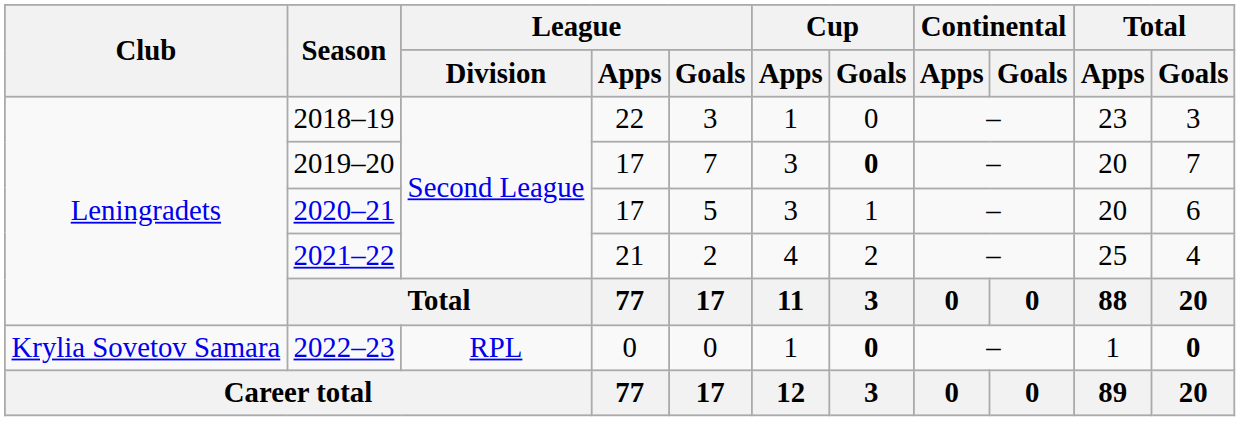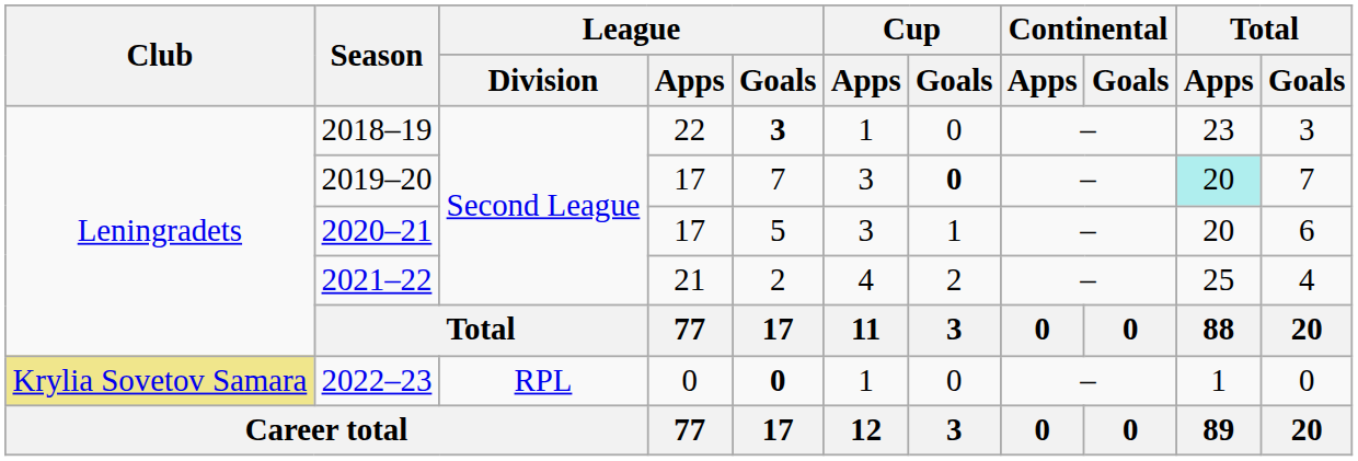 <table class="wikitable" style="text-align:center">
 <tr>
 <th rowspan="2">Club</th>
 <th rowspan="2">Season</th>
 <th colspan="3">League</th>
 <th colspan="2">Cup</th>
 <th colspan="2">Continental</th>
 <th colspan="2">Total</th>
 </tr>
 <tr>
 <th>Division</th>
 <th>Apps</th>
 <th>Goals</th>
 <th>Apps</th>
 <th>Goals</th>
 <th>Apps</th>
 <th>Goals</th>
 <th>Apps</th>
 <th>Goals</th>
 </tr>
 <tr>
 <td rowspan="5"><a href='#'>Leningradets</a></td>
 <td>2018–19</td>
 <td rowspan="4"><a href='#'>Second League</a></td>
 <td>22</td>
-<td>3</td>
+<td><strong>3</strong></td>
 <td>1</td>
 <td>0</td>
 <td colspan="2">–</td>
 <td>23</td>
 <td>3</td>
 </tr>
 <tr>
 <td>2019–20</td>
 <td>17</td>
 <td>7</td>
 <td>3</td>
 <td><strong>0</strong></td>
 <td colspan="2">–</td>
-<td>20</td>
+<td style="background: paleturquoise;">20</td>
 <td>7</td>
 </tr>
 <tr>
 <td><a href='#'>2020–21</a></td>
 <td>17</td>
 <td>5</td>
 <td>3</td>
 <td>1</td>
 <td colspan="2">–</td>
 <td>20</td>
 <td>6</td>
 </tr>
 <tr>
 <td><a href='#'>2021–22</a></td>
 <td>21</td>
 <td>2</td>
 <td>4</td>
 <td>2</td>
 <td colspan="2">–</td>
 <td>25</td>
 <td>4</td>
 </tr>
 <tr>
 <th colspan="2">Total</th>
 <th>77</th>
 <th>17</th>
 <th>11</th>
 <th>3</th>
 <th>0</th>
 <th>0</th>
 <th>88</th>
 <th>20</th>
 </tr>
 <tr>
-<td><a href='#'>Krylia Sovetov Samara</a></td>
+<td style="background: khaki;"><a href='#'>Krylia Sovetov Samara</a></td>
 <td><a href='#'>2022–23</a></td>
 <td><a href='#'>RPL</a></td>
 <td>0</td>
+<td><strong>0</strong></td>
+<td>1</td>
 <td>0</td>
-<td>1</td>
-<td><strong>0</strong></td>
 <td colspan="2">–</td>
 <td>1</td>
-<td><strong>0</strong></td>
+<td>0</td>
 </tr>
 <tr>
 <th colspan="3">Career total</th>
 <th>77</th>
 <th>17</th>
 <th>12</th>
 <th>3</th>
 <th>0</th>
 <th>0</th>
 <th>89</th>
 <th>20</th>
 </tr>
 </table>
